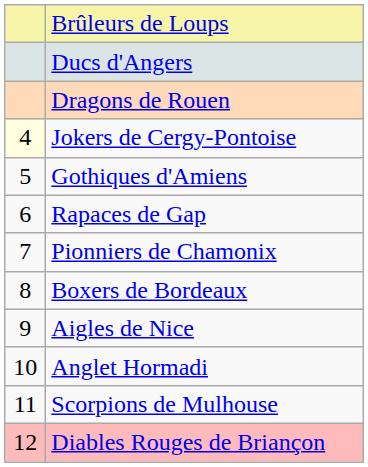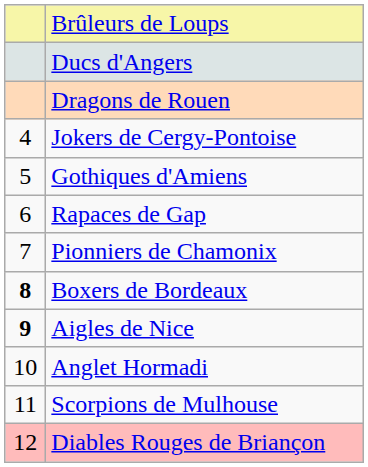 <table class="wikitable" style="width:240px;">
 <tr style="background:#F7F6A8;">
 <td align=center style="width:20px;"></td>
 <td><a href='#'>Brûleurs de Loups</a></td>
 </tr>
 <tr style="background:#DCE5E5;">
 <td align=center></td>
 <td><a href='#'>Ducs d'Angers</a></td>
 </tr>
 <tr style="background:#FFDAB9;">
 <td align=center></td>
 <td><a href='#'>Dragons de Rouen</a></td>
 </tr>
 <tr>
-<td align=center style="background: lightyellow;">4</td>
+<td align=center>4</td>
 <td><a href='#'>Jokers de Cergy-Pontoise</a></td>
 </tr>
 <tr>
 <td align=center>5</td>
 <td><a href='#'>Gothiques d'Amiens</a></td>
 </tr>
 <tr>
 <td align=center>6</td>
 <td><a href='#'>Rapaces de Gap</a></td>
 </tr>
 <tr>
 <td align=center>7</td>
 <td><a href='#'>Pionniers de Chamonix</a></td>
 </tr>
 <tr>
-<td align=center>8</td>
+<td align=center><strong>8</strong></td>
 <td><a href='#'>Boxers de Bordeaux</a></td>
 </tr>
 <tr>
-<td align=center>9</td>
+<td align=center><strong>9</strong></td>
 <td><a href='#'>Aigles de Nice</a></td>
 </tr>
 <tr>
 <td align=center>10</td>
 <td><a href='#'>Anglet Hormadi</a></td>
 </tr>
 <tr>
 <td align=center>11</td>
 <td><a href='#'>Scorpions de Mulhouse</a></td>
 </tr>
 <tr style="background:#ffbbbb;">
 <td align=center>12</td>
 <td><a href='#'>Diables Rouges de Briançon</a></td>
 </tr>
 </table>
